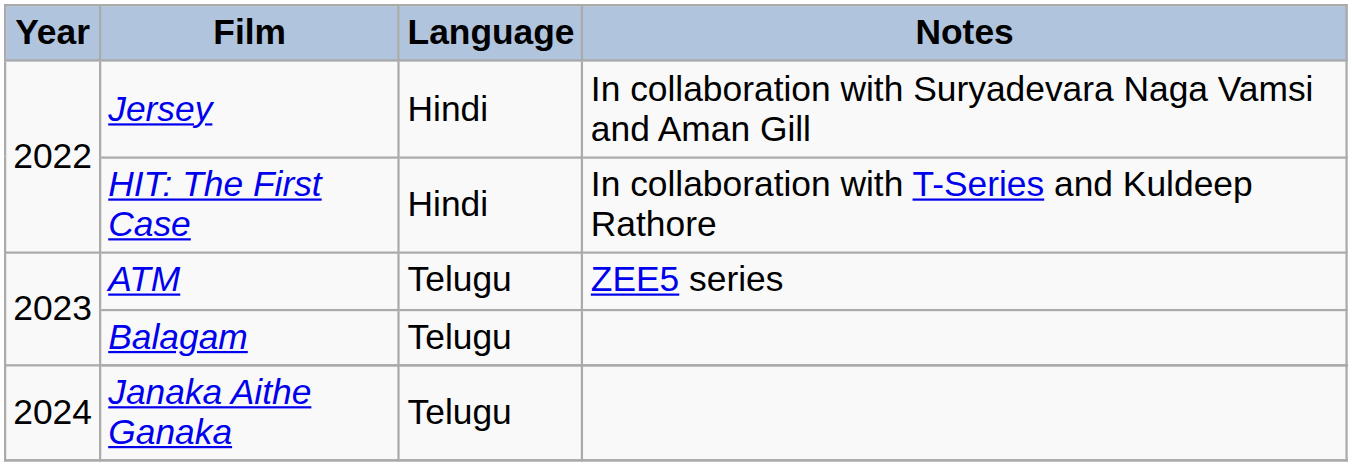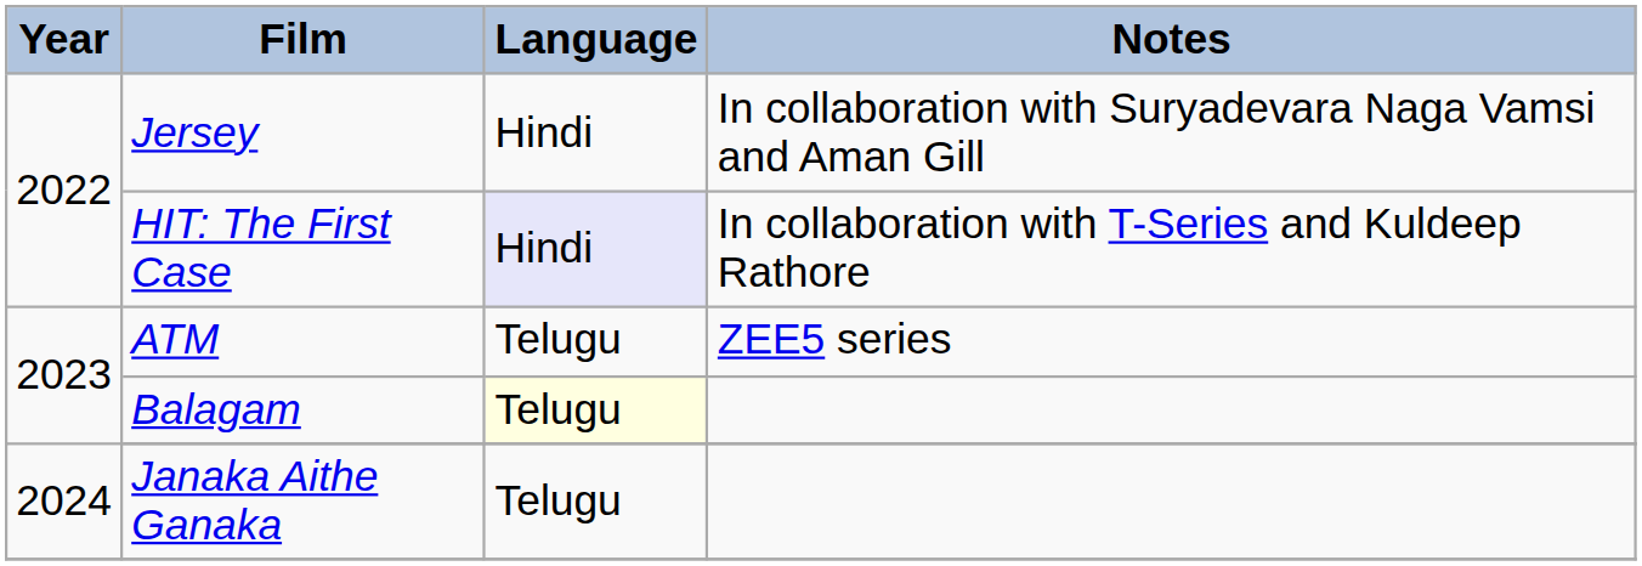 <table class="wikitable sortable">
 <tr style="text-align:center;">
 <th style="text-align:center; background:#b0c4de;">Year</th>
 <th style="text-align:center; background:#b0c4de;">Film</th>
 <th style="text-align:center; background:#b0c4de;">Language</th>
 <th style="text-align:center; background:#b0c4de;">Notes</th>
 </tr>
 <tr>
 <td rowspan="2">2022</td>
 <td><em><a href='#'>Jersey</a></em></td>
 <td>Hindi</td>
 <td>In collaboration with Suryadevara Naga Vamsi and Aman Gill</td>
 </tr>
 <tr>
 <td><em><a href='#'>HIT: The First Case</a></em></td>
-<td>Hindi</td>
+<td style="background: lavender;">Hindi</td>
 <td>In collaboration with <a href='#'>T-Series</a> and Kuldeep Rathore</td>
 </tr>
 <tr>
 <td rowspan="2">2023</td>
 <td><em><a href='#'>ATM</a></em></td>
 <td>Telugu</td>
 <td><a href='#'>ZEE5</a> series</td>
 </tr>
 <tr>
 <td><a href='#'><em>Balagam</em></a></td>
-<td>Telugu</td>
+<td style="background: lightyellow;">Telugu</td>
 <td></td>
 </tr>
 <tr>
 <td rowspan="2">2024</td>
 </tr>
 <tr>
 <td><em><a href='#'>Janaka Aithe Ganaka</a></em></td>
 <td>Telugu</td>
 <td></td>
 </tr>
 <tr>
 </tr>
 </table>
